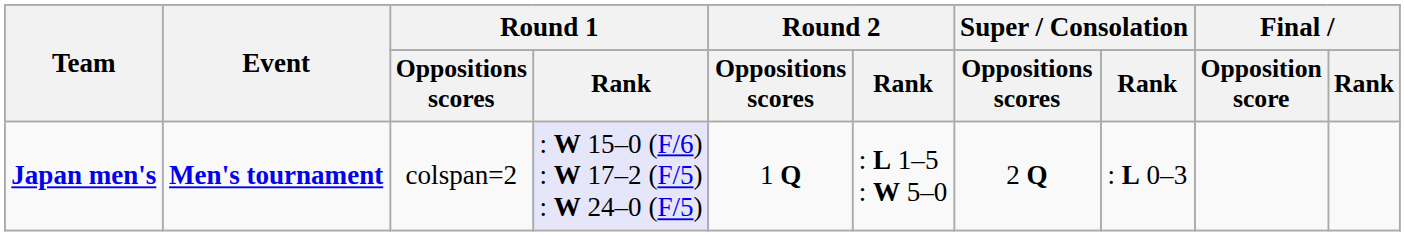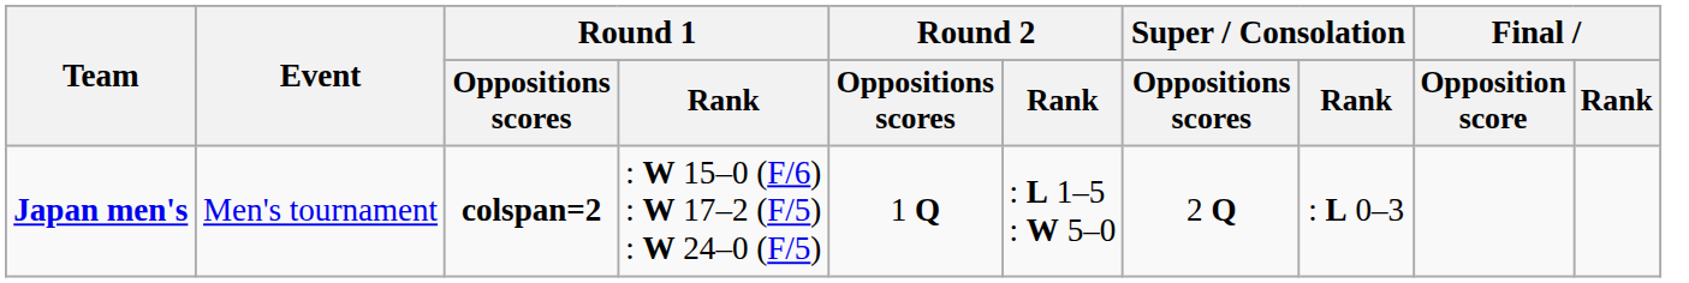 <table class=wikitable style="font-size:90%; text-align:center;">
 <tr>
 <th rowspan=2>Team</th>
 <th rowspan=2>Event</th>
 <th colspan=2>Round 1</th>
 <th colspan=2>Round 2</th>
 <th colspan=2>Super / Consolation</th>
 <th colspan=2>Final / </th>
 </tr>
 <tr style=font-size:95%>
 <th>Oppositions<br> scores</th>
 <th>Rank</th>
 <th>Oppositions<br> scores</th>
 <th>Rank</th>
 <th>Oppositions<br> scores</th>
 <th>Rank</th>
 <th>Opposition<br> score</th>
 <th>Rank</th>
 </tr>
 <tr>
 <td style="text-align:left"><strong><a href='#'>Japan men's</a></strong></td>
-<td style="text-align:left"><strong><a href='#'>Men's tournament</a></strong></td>
-<td>colspan=2 </td>
-<td style="background: lavender; text-align:left">: <strong>W</strong> 15–0 (<a href='#'>F/6</a>)<br>: <strong>W</strong> 17–2 (<a href='#'>F/5</a>)<br>: <strong>W</strong> 24–0 (<a href='#'>F/5</a>)</td>
+<td style="text-align:left"><a href='#'>Men's tournament</a></td>
+<td><strong>colspan=2 </strong></td>
+<td style="text-align:left">: <strong>W</strong> 15–0 (<a href='#'>F/6</a>)<br>: <strong>W</strong> 17–2 (<a href='#'>F/5</a>)<br>: <strong>W</strong> 24–0 (<a href='#'>F/5</a>)</td>
 <td>1 <strong>Q</strong></td>
 <td style="text-align:left">: <strong>L</strong> 1–5<br>: <strong>W</strong> 5–0</td>
 <td>2 <strong>Q</strong></td>
 <td>: <strong>L</strong> 0–3</td>
 <td></td>
 </tr>
 </table>
